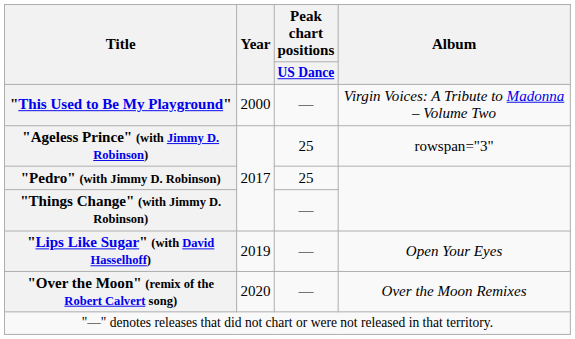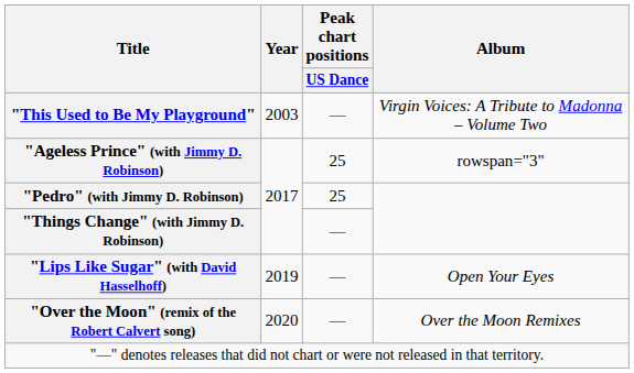 <table class="wikitable plainrowheaders" style="text-align:center;">
 <tr>
 <th rowspan="2" scope="col" style="width:15em;">Title</th>
 <th rowspan="2" scope="col">Year</th>
 <th>Peak chart positions</th>
 <th rowspan="2" style="width:15em;">Album</th>
 </tr>
 <tr>
 <th scope="col" style="width:2em;font-size:90%;"><a href='#'>US Dance</a><br></th>
 </tr>
 <tr>
 <th scope="row">"<a href='#'>This Used to Be My Playground</a>"</th>
-<td>2000</td>
+<td>2003</td>
 <td>—</td>
 <td><em>Virgin Voices: A Tribute to <a href='#'>Madonna</a> – Volume Two</em></td>
 </tr>
 <tr>
 <th scope="row">"Ageless Prince" <small>(with <a href='#'>Jimmy D. Robinson</a>)</small></th>
 <td rowspan="3">2017</td>
 <td>25</td>
 <td>rowspan="3" </td>
 </tr>
 <tr>
 <th scope="row">"Pedro" <small>(with Jimmy D. Robinson)</small></th>
 <td>25</td>
 </tr>
 <tr>
 <th scope="row">"Things Change" <small>(with Jimmy D. Robinson)</small></th>
 <td>—</td>
 </tr>
 <tr>
 <th scope="row">"<a href='#'>Lips Like Sugar</a>" <small>(with <a href='#'>David Hasselhoff</a>)</small></th>
 <td>2019</td>
 <td>—</td>
 <td><em>Open Your Eyes</em></td>
 </tr>
 <tr>
 <th scope="row">"Over the Moon" <small>(remix of the <a href='#'>Robert Calvert</a> song)</small></th>
 <td>2020</td>
 <td>—</td>
 <td><em>Over the Moon Remixes</em></td>
 </tr>
 <tr>
 <td colspan="4" style="font-size:90%">"—" denotes releases that did not chart or were not released in that territory.</td>
 </tr>
 </table>
